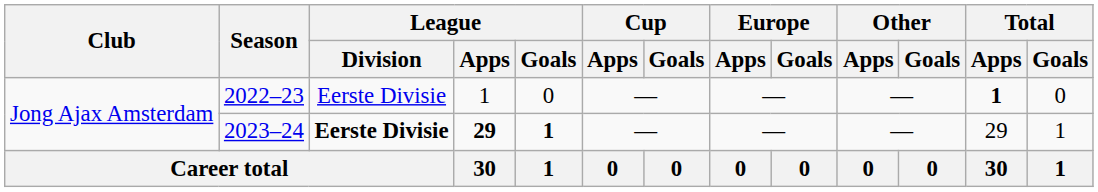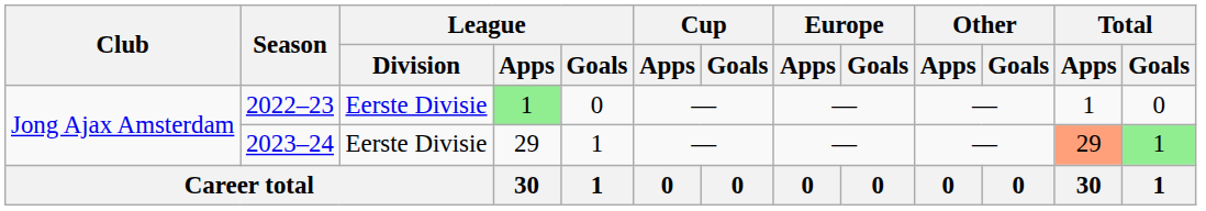 <table class="wikitable" style="text-align:center">
 <tr>
 <th rowspan="2">Club</th>
 <th rowspan="2">Season</th>
 <th colspan="3">League</th>
 <th colspan="2">Cup</th>
 <th colspan="2">Europe</th>
 <th colspan="2">Other</th>
 <th colspan="2">Total</th>
 </tr>
 <tr>
 <th>Division</th>
 <th>Apps</th>
 <th>Goals</th>
 <th>Apps</th>
 <th>Goals</th>
 <th>Apps</th>
 <th>Goals</th>
 <th>Apps</th>
 <th>Goals</th>
 <th>Apps</th>
 <th>Goals</th>
 </tr>
 <tr>
 <td rowspan="2"><a href='#'>Jong Ajax Amsterdam</a></td>
 <td><a href='#'>2022–23</a></td>
 <td><a href='#'>Eerste Divisie</a></td>
-<td>1</td>
+<td style="background: lightgreen;">1</td>
 <td>0</td>
 <td colspan="2">—</td>
 <td colspan="2">—</td>
 <td colspan="2">—</td>
-<td><strong>1</strong></td>
+<td>1</td>
 <td>0</td>
 </tr>
 <tr>
 <td><a href='#'>2023–24</a></td>
-<td><strong>Eerste Divisie</strong></td>
-<td><strong>29</strong></td>
-<td><strong>1</strong></td>
+<td>Eerste Divisie</td>
+<td>29</td>
+<td>1</td>
 <td colspan="2">—</td>
 <td colspan="2">—</td>
 <td colspan="2">—</td>
-<td>29</td>
-<td>1</td>
+<td style="background: lightsalmon;">29</td>
+<td style="background: lightgreen;">1</td>
 </tr>
 <tr>
 <th colspan="3">Career total</th>
 <th>30</th>
 <th>1</th>
 <th>0</th>
 <th>0</th>
 <th>0</th>
 <th>0</th>
 <th>0</th>
 <th>0</th>
 <th>30</th>
 <th>1</th>
 </tr>
 </table>
